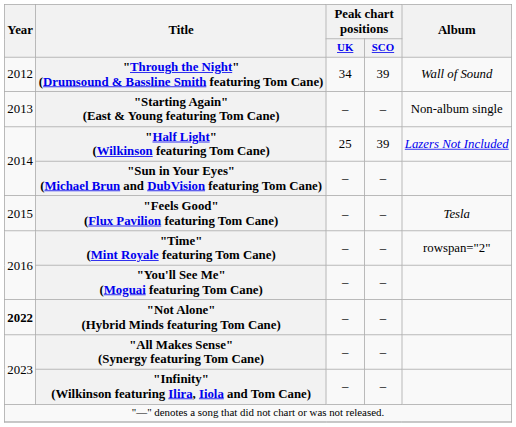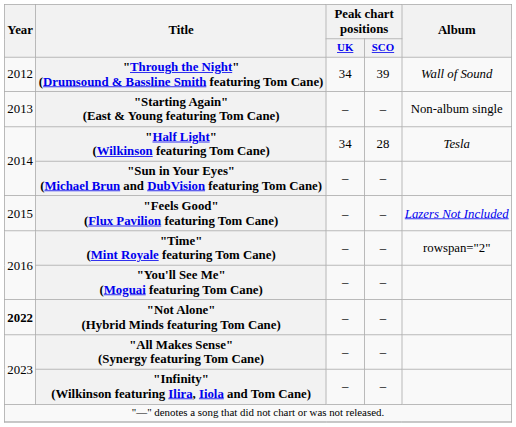 <table class="wikitable plainrowheaders" style="text-align:center;">
 <tr>
 <th scope="col" rowspan="2">Year</th>
 <th scope="col" rowspan="2">Title</th>
 <th scope="col" colspan="2">Peak chart positions</th>
 <th scope="col" rowspan="2">Album</th>
 </tr>
 <tr>
 <th scope="col" style="width:3em;font-size:85%;"><a href='#'>UK</a></th>
 <th scope="col" style="width:3em;font-size:85%;"><a href='#'>SCO</a></th>
 </tr>
 <tr>
 <td rowspan="1">2012</td>
 <th scope="row">"<a href='#'>Through the Night</a>"<br><span>(<a href='#'>Drumsound & Bassline Smith</a> featuring Tom Cane)</span></th>
 <td>34</td>
 <td>39</td>
 <td><em>Wall of Sound</em></td>
 </tr>
 <tr>
 <td rowspan="1">2013</td>
 <th scope="row">"Starting Again"<br><span>(East & Young featuring Tom Cane)</span></th>
 <td>–</td>
 <td>–</td>
 <td>Non-album single</td>
 </tr>
 <tr>
 <td rowspan="2">2014</td>
 <th scope="row">"<a href='#'>Half Light</a>"<br><span>(<a href='#'>Wilkinson</a> featuring Tom Cane)</span></th>
-<td>25</td>
-<td>39</td>
-<td><em><a href='#'>Lazers Not Included</a></em></td>
+<td>34</td>
+<td>28</td>
+<td><em>Tesla</em></td>
 </tr>
 <tr>
 <th scope="row">"Sun in Your Eyes"<br><span>(<a href='#'>Michael Brun</a> and <a href='#'>DubVision</a> featuring Tom Cane)</span></th>
 <td>–</td>
 <td>–</td>
 <td></td>
 </tr>
 <tr>
 <td rowspan="1">2015</td>
 <th scope="row">"Feels Good"<br><span>(<a href='#'>Flux Pavilion</a> featuring Tom Cane)</span></th>
 <td>–</td>
 <td>–</td>
-<td><em>Tesla</em></td>
+<td><em><a href='#'>Lazers Not Included</a></em></td>
 </tr>
 <tr>
 <td rowspan="2">2016</td>
 <th scope="row">"Time"<br><span>(<a href='#'>Mint Royale</a> featuring Tom Cane)</span></th>
 <td>–</td>
 <td>–</td>
 <td>rowspan="2" </td>
 </tr>
 <tr>
 <th scope="row">"You'll See Me"<br><span>(<a href='#'>Moguai</a> featuring Tom Cane)</span></th>
 <td>–</td>
 <td>–</td>
 </tr>
 <tr>
 <td><strong>2022</strong></td>
 <th scope="row">"Not Alone"<br><span>(Hybrid Minds featuring Tom Cane)</span></th>
 <td>–</td>
 <td>–</td>
 <td></td>
 </tr>
 <tr>
 <td rowspan="2">2023</td>
 <th scope="row">"All Makes Sense"<br><span>(Synergy featuring Tom Cane)</span></th>
 <td>–</td>
 <td>–</td>
 <td></td>
 </tr>
 <tr>
 <th scope="row">"Infinity" <br><span>(Wilkinson featuring <a href='#'>Ilira</a>, <a href='#'>Iiola</a> and Tom Cane)</span></th>
 <td>–</td>
 <td>–</td>
 <td></td>
 </tr>
 <tr>
 <td colspan="8" style="font-size:85%;" align="center">"—" denotes a song that did not chart or was not released.</td>
 </tr>
 <tr>
 </tr>
 </table>
